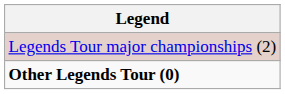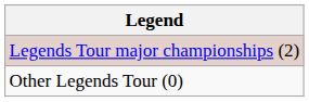 <table class="wikitable" style="font-size:95%;">
 <tr>
 <th>Legend</th>
 </tr>
 <tr style="background:#e5d1cb;">
 <td><a href='#'>Legends Tour major championships</a> (2)</td>
 </tr>
 <tr>
-<td><strong>Other Legends Tour (0)</strong></td>
+<td>Other Legends Tour (0)</td>
 </tr>
 </table>
